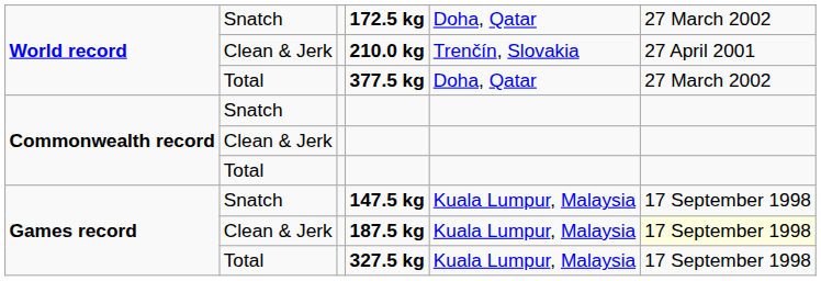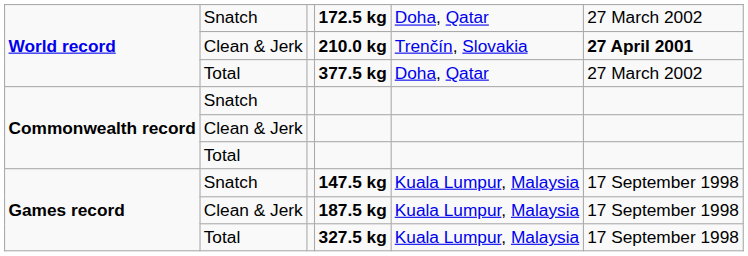 <table class="wikitable">
 <tr>
 <td rowspan=3><strong><a href='#'>World record</a></strong></td>
 <td>Snatch</td>
 <td></td>
 <td><strong>172.5 kg</strong></td>
 <td><a href='#'>Doha</a>, <a href='#'>Qatar</a></td>
 <td>27 March 2002</td>
 </tr>
 <tr>
 <td>Clean & Jerk</td>
 <td></td>
 <td><strong>210.0 kg</strong></td>
 <td><a href='#'>Trenčín</a>, <a href='#'>Slovakia</a></td>
-<td>27 April 2001</td>
+<td><strong>27 April 2001</strong></td>
 </tr>
 <tr>
 <td>Total</td>
 <td></td>
 <td><strong>377.5 kg</strong></td>
 <td><a href='#'>Doha</a>, <a href='#'>Qatar</a></td>
 <td>27 March 2002</td>
 </tr>
 <tr>
 <td rowspan=3><strong>Commonwealth record</strong></td>
 <td>Snatch</td>
 <td></td>
 <td></td>
 <td></td>
 <td></td>
 </tr>
 <tr>
 <td>Clean & Jerk</td>
 <td></td>
 <td></td>
 <td></td>
 <td></td>
 </tr>
 <tr>
 <td>Total</td>
 <td></td>
 <td></td>
 <td></td>
 <td></td>
 </tr>
 <tr>
 <td rowspan=3><strong>Games record</strong></td>
 <td>Snatch</td>
 <td></td>
 <td><strong>147.5 kg</strong></td>
 <td><a href='#'>Kuala Lumpur</a>, <a href='#'>Malaysia</a></td>
 <td>17 September 1998</td>
 </tr>
 <tr>
 <td>Clean & Jerk</td>
 <td></td>
 <td><strong>187.5 kg</strong></td>
 <td><a href='#'>Kuala Lumpur</a>, <a href='#'>Malaysia</a></td>
-<td style="background: lightyellow;">17 September 1998</td>
+<td>17 September 1998</td>
 </tr>
 <tr>
 <td>Total</td>
 <td></td>
 <td><strong>327.5 kg</strong></td>
 <td><a href='#'>Kuala Lumpur</a>, <a href='#'>Malaysia</a></td>
 <td>17 September 1998</td>
 </tr>
 </table>
